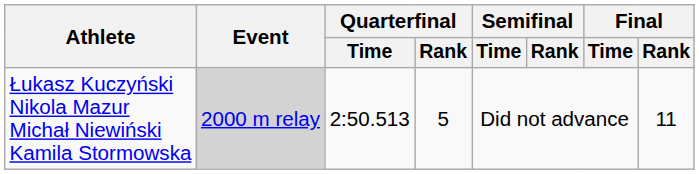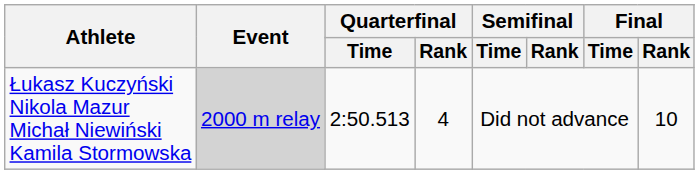 <table class="wikitable" style="font-size:90%; text-align:center">
 <tr>
 <th rowspan=2>Athlete</th>
 <th rowspan=2>Event</th>
 <th colspan=2>Quarterfinal</th>
 <th colspan=2>Semifinal</th>
 <th colspan=2>Final</th>
 </tr>
 <tr style="font-size:95%">
 <th>Time</th>
 <th>Rank</th>
 <th>Time</th>
 <th>Rank</th>
 <th>Time</th>
 <th>Rank</th>
 </tr>
 <tr>
 <td align=left><a href='#'>Łukasz Kuczyński</a><br><a href='#'>Nikola Mazur</a><br><a href='#'>Michał Niewiński</a><br><a href='#'>Kamila Stormowska</a></td>
 <td align=left style="background: lightgrey;"><a href='#'>2000 m relay</a></td>
 <td>2:50.513</td>
-<td>5</td>
+<td>4</td>
 <td colspan=3>Did not advance</td>
-<td>11</td>
+<td>10</td>
 </tr>
 </table>
